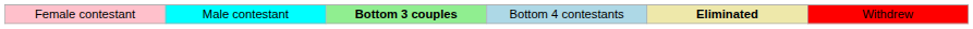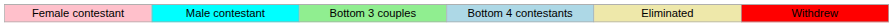 <table class="wikitable" style="margin:1em auto; text-align:center;">
 <tr>
 </tr>
 <tr>
 <td style="background:pink;" width="11%">Female contestant</td>
 <td style="background:cyan;" width="11%">Male contestant</td>
-<td style="background:lightgreen;" width="11%"><strong>Bottom 3 couples</strong></td>
+<td style="background:lightgreen;" width="11%">Bottom 3 couples</td>
 <td style="background:lightblue;" width="11%">Bottom 4 contestants</td>
-<td style="background:palegoldenrod" width="11%"><strong>Eliminated</strong></td>
+<td style="background:palegoldenrod" width="11%">Eliminated</td>
 <td style="background:red;" width="11%">Withdrew</td>
 </tr>
 </table>
